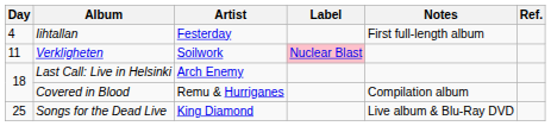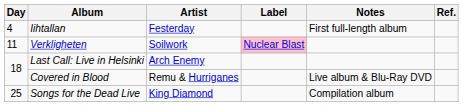 <table class="wikitable">
 <tr>
 <th>Day</th>
 <th>Album</th>
 <th>Artist</th>
 <th>Label</th>
 <th>Notes</th>
 <th>Ref.</th>
 </tr>
 <tr>
 <td>4</td>
 <td><em>Iihtallan</em></td>
 <td><a href='#'>Festerday</a></td>
 <td></td>
 <td>First full-length album</td>
 <td></td>
 </tr>
 <tr>
 <td>11</td>
 <td><em><a href='#'>Verkligheten</a></em></td>
 <td><a href='#'>Soilwork</a></td>
 <td style="background: pink;"><a href='#'>Nuclear Blast</a></td>
 <td></td>
 <td></td>
 </tr>
 <tr>
 <td rowspan="2" style="text-align:center;">18</td>
 <td><em>Last Call: Live in Helsinki</em></td>
 <td><a href='#'>Arch Enemy</a></td>
 <td></td>
 <td></td>
 <td></td>
 </tr>
 <tr>
 <td><em>Covered in Blood</em></td>
 <td>Remu & <a href='#'>Hurriganes</a></td>
 <td></td>
-<td>Compilation album</td>
+<td>Live album & Blu-Ray DVD</td>
 <td style="text-align:center;"></td>
 </tr>
 <tr>
 <td rowspan="1" style="text-align:center;">25</td>
 <td><em>Songs for the Dead Live</em></td>
 <td><a href='#'>King Diamond</a></td>
 <td></td>
-<td>Live album & Blu-Ray DVD</td>
+<td>Compilation album</td>
 <td style="text-align:center;"></td>
 </tr>
 </table>
